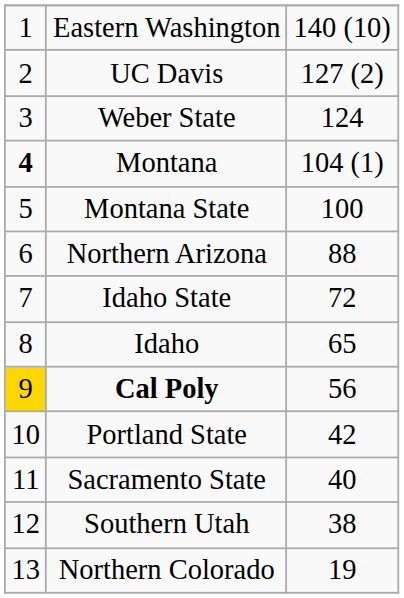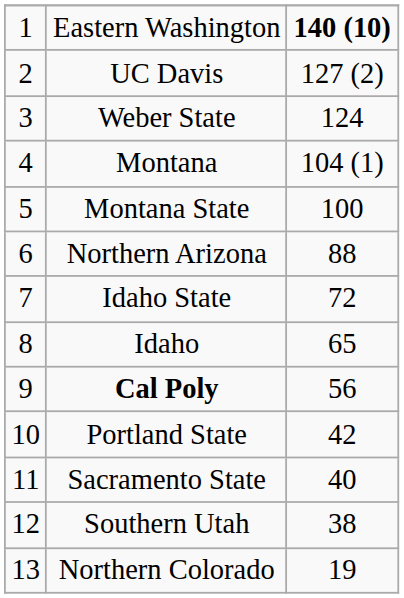 <table class="wikitable" style="display: inline-table;">
 <tr align="center">
 </tr>
 <tr align="center">
 <td>1</td>
 <td>Eastern Washington</td>
-<td>140 (10)</td>
+<td><strong>140 (10)</strong></td>
 </tr>
 <tr align="center">
 <td>2</td>
 <td>UC Davis</td>
 <td>127 (2)</td>
 </tr>
 <tr align="center">
 <td>3</td>
 <td>Weber State</td>
 <td>124</td>
 </tr>
 <tr align="center">
-<td><strong>4</strong></td>
+<td>4</td>
 <td>Montana</td>
 <td>104 (1)</td>
 </tr>
 <tr align="center">
 <td>5</td>
 <td>Montana State</td>
 <td>100</td>
 </tr>
 <tr align="center">
 <td>6</td>
 <td>Northern Arizona</td>
 <td>88</td>
 </tr>
 <tr align="center">
 <td>7</td>
 <td>Idaho State</td>
 <td>72</td>
 </tr>
 <tr align="center">
 <td>8</td>
 <td>Idaho</td>
 <td>65</td>
 </tr>
 <tr align="center">
-<td style="background: gold;">9</td>
+<td>9</td>
 <td><strong>Cal Poly</strong></td>
 <td>56</td>
 </tr>
 <tr align="center">
 <td>10</td>
 <td>Portland State</td>
 <td>42</td>
 </tr>
 <tr align="center">
 <td>11</td>
 <td>Sacramento State</td>
 <td>40</td>
 </tr>
 <tr align="center">
 <td>12</td>
 <td>Southern Utah</td>
 <td>38</td>
 </tr>
 <tr align="center">
 <td>13</td>
 <td>Northern Colorado</td>
 <td>19</td>
 </tr>
 </table>
